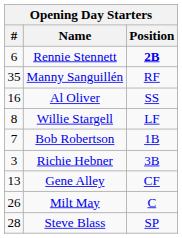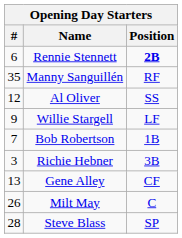 <table class="wikitable" style="text-align:center">
 <tr>
 <th colspan="3">Opening Day Starters</th>
 </tr>
 <tr>
 <th>#</th>
 <th>Name</th>
 <th>Position</th>
 </tr>
 <tr>
 <td>6</td>
 <td><a href='#'>Rennie Stennett</a></td>
 <td><strong><a href='#'>2B</a></strong></td>
 </tr>
 <tr>
 <td>35</td>
 <td><a href='#'>Manny Sanguillén</a></td>
 <td><a href='#'>RF</a></td>
 </tr>
 <tr>
-<td>16</td>
+<td>12</td>
 <td><a href='#'>Al Oliver</a></td>
 <td><a href='#'>SS</a></td>
 </tr>
 <tr>
-<td>8</td>
+<td>9</td>
 <td><a href='#'>Willie Stargell</a></td>
 <td><a href='#'>LF</a></td>
 </tr>
 <tr>
 <td>7</td>
 <td><a href='#'>Bob Robertson</a></td>
 <td><a href='#'>1B</a></td>
 </tr>
 <tr>
 <td>3</td>
 <td><a href='#'>Richie Hebner</a></td>
 <td><a href='#'>3B</a></td>
 </tr>
 <tr>
 <td>13</td>
 <td><a href='#'>Gene Alley</a></td>
 <td><a href='#'>CF</a></td>
 </tr>
 <tr>
 <td>26</td>
 <td><a href='#'>Milt May</a></td>
 <td><a href='#'>C</a></td>
 </tr>
 <tr>
 <td>28</td>
 <td><a href='#'>Steve Blass</a></td>
 <td><a href='#'>SP</a></td>
 </tr>
 </table>
